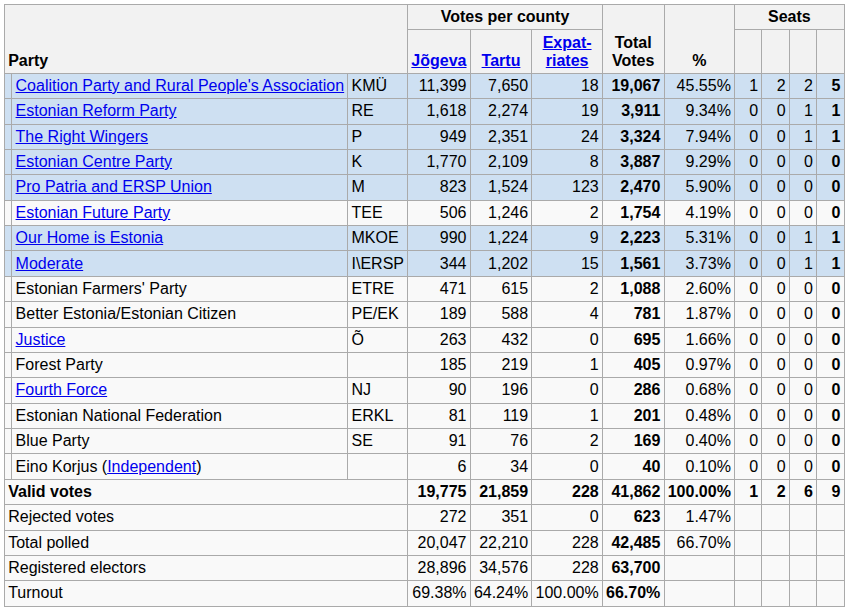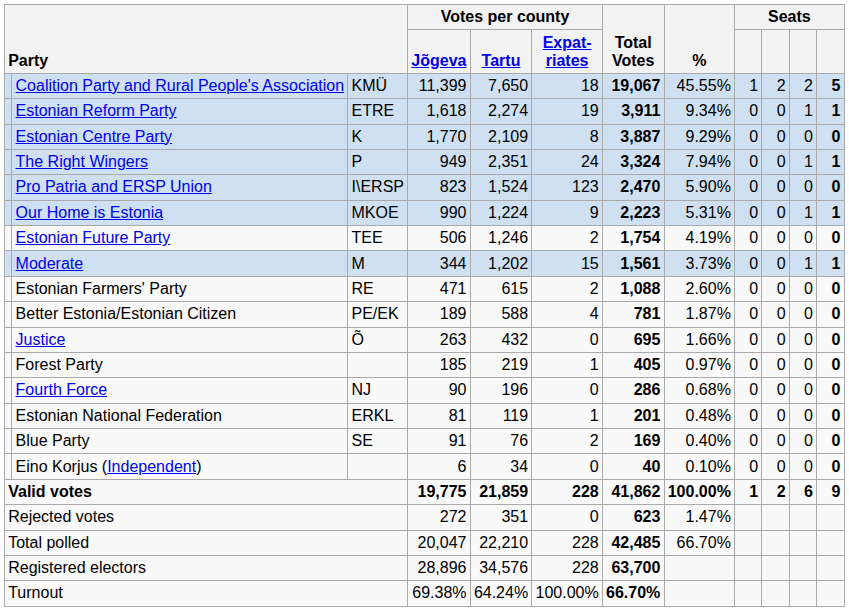 <table class="wikitable" border="1" style="text-align:right;">
 <tr>
 <th style="text-align:left;" valign=bottom rowspan=2 colspan=3>Party</th>
 <th colspan=3>Votes per county</th>
 <th align=center valign=bottom rowspan=2 width="50">Total Votes</th>
 <th align=center valign=bottom rowspan=2 width="50">%</th>
 <th colspan=4>Seats</th>
 </tr>
 <tr>
 <th align=center valign=bottom width="50"><a href='#'>Jõgeva</a></th>
 <th align=center valign=bottom width="50"><a href='#'>Tartu</a></th>
 <th align=center valign=bottom width="50"><a href='#'>Expat- riates</a></th>
 <th align=center valign=bottom width="20"><small></small></th>
 <th align=center valign=bottom width="20"><small></small></th>
 <th align=center valign=bottom width="20"><small></small></th>
 <th align=center valign=bottom width="20"><small></small></th>
 </tr>
 <tr style="background:#CEE0F2;">
 <td style="background:"></td>
 <td align=left><a href='#'>Coalition Party and Rural People's Association</a></td>
 <td align=left>KMÜ</td>
 <td>11,399</td>
 <td>7,650</td>
 <td>18</td>
 <td><strong>19,067</strong></td>
 <td>45.55%</td>
 <td>1</td>
 <td>2</td>
 <td>2</td>
 <td><strong>5</strong></td>
 </tr>
 <tr style="background:#CEE0F2;">
 <td style="background:"></td>
 <td align=left><a href='#'>Estonian Reform Party</a></td>
-<td align=left>RE</td>
+<td align=left>ETRE</td>
 <td>1,618</td>
 <td>2,274</td>
 <td>19</td>
 <td><strong>3,911</strong></td>
 <td>9.34%</td>
-<td>0</td>
-<td>0</td>
-<td>1</td>
-<td><strong>1</strong></td>
-</tr>
-<tr style="background:#CEE0F2;">
-<td></td>
-<td align=left><a href='#'>The Right Wingers</a></td>
-<td align=left>P</td>
-<td>949</td>
-<td>2,351</td>
-<td>24</td>
-<td><strong>3,324</strong></td>
-<td>7.94%</td>
 <td>0</td>
 <td>0</td>
 <td>1</td>
 <td><strong>1</strong></td>
 </tr>
 <tr style="background:#CEE0F2;">
 <td style="background:"></td>
 <td align=left><a href='#'>Estonian Centre Party</a></td>
 <td align=left>K</td>
 <td>1,770</td>
 <td>2,109</td>
 <td>8</td>
 <td><strong>3,887</strong></td>
 <td>9.29%</td>
 <td>0</td>
 <td>0</td>
 <td>0</td>
 <td><strong>0</strong></td>
 </tr>
 <tr style="background:#CEE0F2;">
+<td></td>
+<td align=left><a href='#'>The Right Wingers</a></td>
+<td align=left>P</td>
+<td>949</td>
+<td>2,351</td>
+<td>24</td>
+<td><strong>3,324</strong></td>
+<td>7.94%</td>
+<td>0</td>
+<td>0</td>
+<td>1</td>
+<td><strong>1</strong></td>
+</tr>
+<tr style="background:#CEE0F2;">
 <td style="background:"></td>
 <td align=left><a href='#'>Pro Patria and ERSP Union</a></td>
-<td align=left>M</td>
+<td align=left>I\ERSP</td>
 <td>823</td>
 <td>1,524</td>
 <td>123</td>
 <td><strong>2,470</strong></td>
 <td>5.90%</td>
-<td>0</td>
-<td>0</td>
-<td>0</td>
-<td><strong>0</strong></td>
-</tr>
-<tr>
-<td style="background:"></td>
-<td align=left><a href='#'>Estonian Future Party</a></td>
-<td align=left>TEE</td>
-<td>506</td>
-<td>1,246</td>
-<td>2</td>
-<td><strong>1,754</strong></td>
-<td>4.19%</td>
 <td>0</td>
 <td>0</td>
 <td>0</td>
 <td><strong>0</strong></td>
 </tr>
 <tr style="background:#CEE0F2;">
 <td style="background:"></td>
 <td align=left><a href='#'>Our Home is Estonia</a></td>
 <td align=left>MKOE</td>
 <td>990</td>
 <td>1,224</td>
 <td>9</td>
 <td><strong>2,223</strong></td>
 <td>5.31%</td>
 <td>0</td>
 <td>0</td>
 <td>1</td>
 <td><strong>1</strong></td>
 </tr>
+<tr>
+<td style="background:"></td>
+<td align=left><a href='#'>Estonian Future Party</a></td>
+<td align=left>TEE</td>
+<td>506</td>
+<td>1,246</td>
+<td>2</td>
+<td><strong>1,754</strong></td>
+<td>4.19%</td>
+<td>0</td>
+<td>0</td>
+<td>0</td>
+<td><strong>0</strong></td>
+</tr>
 <tr style="background:#CEE0F2;">
 <td style="background:"></td>
 <td align=left><a href='#'>Moderate</a></td>
-<td align=left>I\ERSP</td>
+<td align=left>M</td>
 <td>344</td>
 <td>1,202</td>
 <td>15</td>
 <td><strong>1,561</strong></td>
 <td>3.73%</td>
 <td>0</td>
 <td>0</td>
 <td>1</td>
 <td><strong>1</strong></td>
 </tr>
 <tr>
 <td></td>
 <td align=left>Estonian Farmers' Party</td>
-<td align=left>ETRE</td>
+<td align=left>RE</td>
 <td>471</td>
 <td>615</td>
 <td>2</td>
 <td><strong>1,088</strong></td>
 <td>2.60%</td>
 <td>0</td>
 <td>0</td>
 <td>0</td>
 <td><strong>0</strong></td>
 </tr>
 <tr>
 <td></td>
 <td align=left>Better Estonia/Estonian Citizen</td>
 <td align=left>PE/EK</td>
 <td>189</td>
 <td>588</td>
 <td>4</td>
 <td><strong>781</strong></td>
 <td>1.87%</td>
 <td>0</td>
 <td>0</td>
 <td>0</td>
 <td><strong>0</strong></td>
 </tr>
 <tr>
 <td style="background:"></td>
 <td align=left><a href='#'>Justice</a></td>
 <td align=left>Õ</td>
 <td>263</td>
 <td>432</td>
 <td>0</td>
 <td><strong>695</strong></td>
 <td>1.66%</td>
 <td>0</td>
 <td>0</td>
 <td>0</td>
 <td><strong>0</strong></td>
 </tr>
 <tr>
 <td></td>
 <td align=left>Forest Party</td>
 <td></td>
 <td>185</td>
 <td>219</td>
 <td>1</td>
 <td><strong>405</strong></td>
 <td>0.97%</td>
 <td>0</td>
 <td>0</td>
 <td>0</td>
 <td><strong>0</strong></td>
 </tr>
 <tr>
 <td style="background:"></td>
 <td align=left><a href='#'>Fourth Force</a></td>
 <td align=left>NJ</td>
 <td>90</td>
 <td>196</td>
 <td>0</td>
 <td><strong>286</strong></td>
 <td>0.68%</td>
 <td>0</td>
 <td>0</td>
 <td>0</td>
 <td><strong>0</strong></td>
 </tr>
 <tr>
 <td></td>
 <td align=left>Estonian National Federation</td>
 <td align=left>ERKL</td>
 <td>81</td>
 <td>119</td>
 <td>1</td>
 <td><strong>201</strong></td>
 <td>0.48%</td>
 <td>0</td>
 <td>0</td>
 <td>0</td>
 <td><strong>0</strong></td>
 </tr>
 <tr>
 <td></td>
 <td align=left>Blue Party</td>
 <td align=left>SE</td>
 <td>91</td>
 <td>76</td>
 <td>2</td>
 <td><strong>169</strong></td>
 <td>0.40%</td>
 <td>0</td>
 <td>0</td>
 <td>0</td>
 <td><strong>0</strong></td>
 </tr>
 <tr>
 <td style="background:"></td>
 <td align=left>Eino Korjus (<a href='#'>Independent</a>)</td>
 <td></td>
 <td>6</td>
 <td>34</td>
 <td>0</td>
 <td><strong>40</strong></td>
 <td>0.10%</td>
 <td>0</td>
 <td>0</td>
 <td>0</td>
 <td><strong>0</strong></td>
 </tr>
 <tr style="font-weight:bold">
 <td align=left colspan=3>Valid votes</td>
 <td>19,775</td>
 <td>21,859</td>
 <td>228</td>
 <td>41,862</td>
 <td>100.00%</td>
 <td>1</td>
 <td>2</td>
 <td>6</td>
 <td>9</td>
 </tr>
 <tr>
 <td align=left colspan=3>Rejected votes</td>
 <td>272</td>
 <td>351</td>
 <td>0</td>
 <td><strong>623</strong></td>
 <td>1.47%</td>
 <td></td>
 <td></td>
 <td></td>
 <td></td>
 </tr>
 <tr>
 <td align=left colspan=3>Total polled</td>
 <td>20,047</td>
 <td>22,210</td>
 <td>228</td>
 <td><strong>42,485</strong></td>
 <td>66.70%</td>
 <td></td>
 <td></td>
 <td></td>
 <td></td>
 </tr>
 <tr>
 <td align=left colspan=3>Registered electors</td>
 <td>28,896</td>
 <td>34,576</td>
 <td>228</td>
 <td><strong>63,700</strong></td>
 <td></td>
 <td></td>
 <td></td>
 <td></td>
 <td></td>
 </tr>
 <tr>
 <td align=left colspan=3>Turnout</td>
 <td>69.38%</td>
 <td>64.24%</td>
 <td>100.00%</td>
 <td><strong>66.70%</strong></td>
 <td></td>
 <td></td>
 <td></td>
 <td></td>
 <td></td>
 </tr>
 </table>
